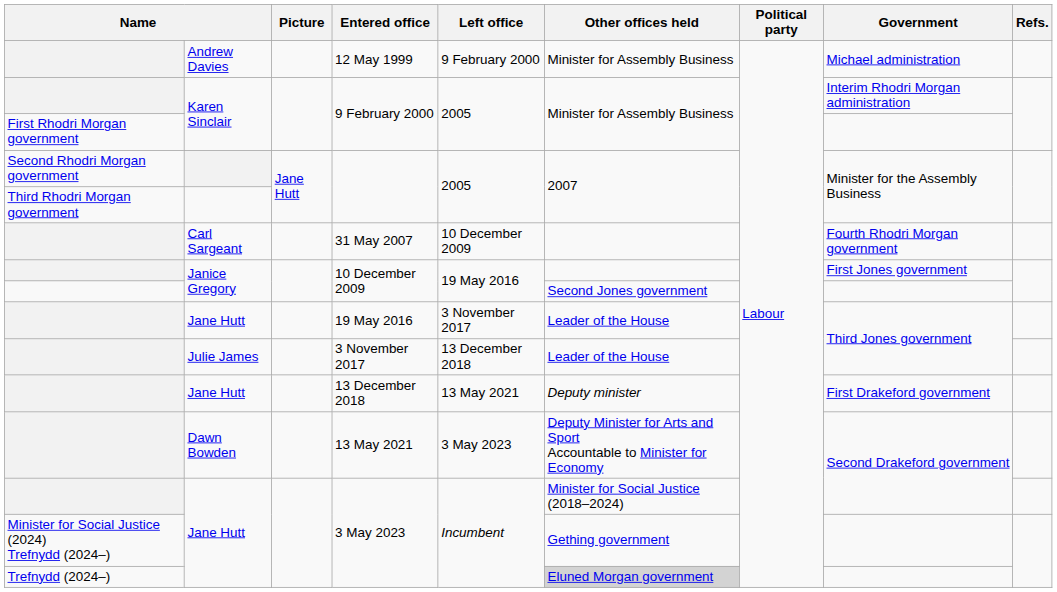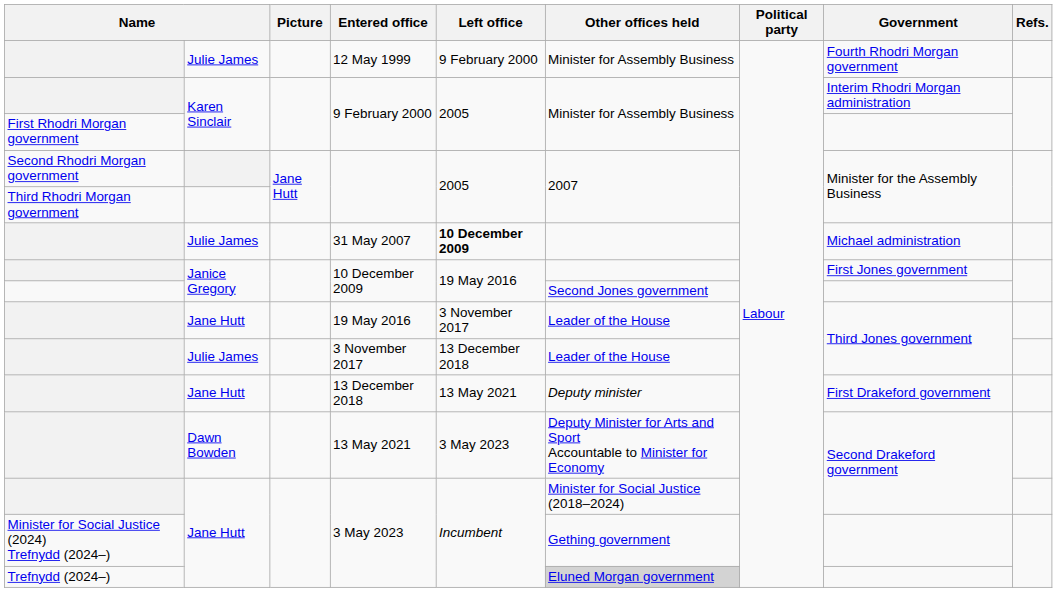 <table class="wikitable">
 <tr>
 <th colspan="2">Name</th>
 <th>Picture</th>
 <th>Entered office</th>
 <th>Left office</th>
 <th>Other offices held</th>
 <th>Political party</th>
 <th>Government</th>
 <th>Refs.</th>
 </tr>
 <tr>
 <th style="background-color:"></th>
-<td><a href='#'>Andrew Davies</a></td>
+<td><a href='#'>Julie James</a></td>
 <td></td>
 <td>12 May 1999</td>
 <td>9 February 2000</td>
 <td>Minister for Assembly Business</td>
 <td rowspan="16"><a href='#'>Labour</a></td>
-<td><a href='#'>Michael administration</a></td>
+<td><a href='#'>Fourth Rhodri Morgan government</a></td>
 </tr>
 <tr>
 <th style="background-color:"></th>
 <td rowspan="3"><a href='#'>Karen Sinclair</a></td>
 <td rowspan="3"></td>
 <td rowspan="3">9 February 2000</td>
 <td rowspan="3">2005</td>
 <td rowspan="3">Minister for Assembly Business</td>
 <td><a href='#'>Interim Rhodri Morgan administration</a></td>
 <td rowspan="3"></td>
 </tr>
 <tr>
 <td><a href='#'>First Rhodri Morgan government</a></td>
 </tr>
 <tr>
 <td rowspan="2"><a href='#'>Second Rhodri Morgan government</a></td>
 </tr>
 <tr>
 <th style="background-color:"></th>
 <td rowspan="2"><a href='#'>Jane Hutt</a></td>
 <td rowspan="2"></td>
 <td rowspan="2">2005</td>
 <td rowspan="2">2007</td>
 <td rowspan="2">Minister for the Assembly Business</td>
 <td rowspan="2"></td>
 </tr>
 <tr>
 <td><a href='#'>Third Rhodri Morgan government</a></td>
 </tr>
 <tr>
 <th style="background-color:"></th>
-<td><a href='#'>Carl Sargeant</a></td>
+<td><a href='#'>Julie James</a></td>
 <td></td>
 <td>31 May 2007</td>
-<td>10 December 2009</td>
+<td><strong>10 December 2009</strong></td>
 <td></td>
-<td><a href='#'>Fourth Rhodri Morgan government</a></td>
+<td><a href='#'>Michael administration</a></td>
 <td></td>
 </tr>
 <tr>
 <th style="background-color:"></th>
 <td rowspan="2"><a href='#'>Janice Gregory</a></td>
 <td rowspan="2"></td>
 <td rowspan="2">10 December 2009</td>
 <td rowspan="2">19 May 2016</td>
 <td></td>
 <td><a href='#'>First Jones government</a></td>
 <td rowspan="2"></td>
 </tr>
 <tr>
 <td></td>
 <td><a href='#'>Second Jones government</a></td>
 </tr>
 <tr>
 <th style="background-color:"></th>
 <td><a href='#'>Jane Hutt</a></td>
 <td></td>
 <td>19 May 2016</td>
 <td>3 November 2017</td>
 <td><a href='#'>Leader of the House</a></td>
 <td rowspan="2"><a href='#'>Third Jones government</a></td>
 <td></td>
 </tr>
 <tr>
 <th style="background-color:"></th>
 <td><a href='#'>Julie James</a></td>
 <td></td>
 <td>3 November 2017</td>
 <td>13 December 2018</td>
 <td><a href='#'>Leader of the House</a></td>
 <td></td>
 </tr>
 <tr>
 <th style="background-color:"></th>
 <td><a href='#'>Jane Hutt</a></td>
 <td></td>
 <td>13 December 2018</td>
 <td>13 May 2021</td>
 <td><em>Deputy minister</em></td>
 <td><a href='#'>First Drakeford government</a></td>
 <td></td>
 </tr>
 <tr>
 <th style="background-color:"></th>
 <td><a href='#'>Dawn Bowden</a></td>
 <td></td>
 <td>13 May 2021</td>
 <td>3 May 2023</td>
 <td><a href='#'>Deputy Minister for Arts and Sport</a><br>Accountable to <a href='#'>Minister for Economy</a></td>
 <td rowspan="2"><a href='#'>Second Drakeford government</a></td>
 <td></td>
 </tr>
 <tr>
 <th style="background-color:"></th>
 <td rowspan="3"><a href='#'>Jane Hutt</a></td>
 <td rowspan="3"></td>
 <td rowspan="3">3 May 2023</td>
 <td rowspan="3"><em>Incumbent</em></td>
 <td><a href='#'>Minister for Social Justice</a> (2018–2024)</td>
 <td></td>
 </tr>
 <tr>
 <td><a href='#'>Minister for Social Justice</a> (2024)<br><a href='#'>Trefnydd</a> (2024–)</td>
 <td><a href='#'>Gething government</a></td>
 <td></td>
 </tr>
 <tr>
 <td><a href='#'>Trefnydd</a> (2024–)</td>
 <td style="background: lightgrey;"><a href='#'>Eluned Morgan government</a></td>
 <td></td>
 </tr>
 </table>
